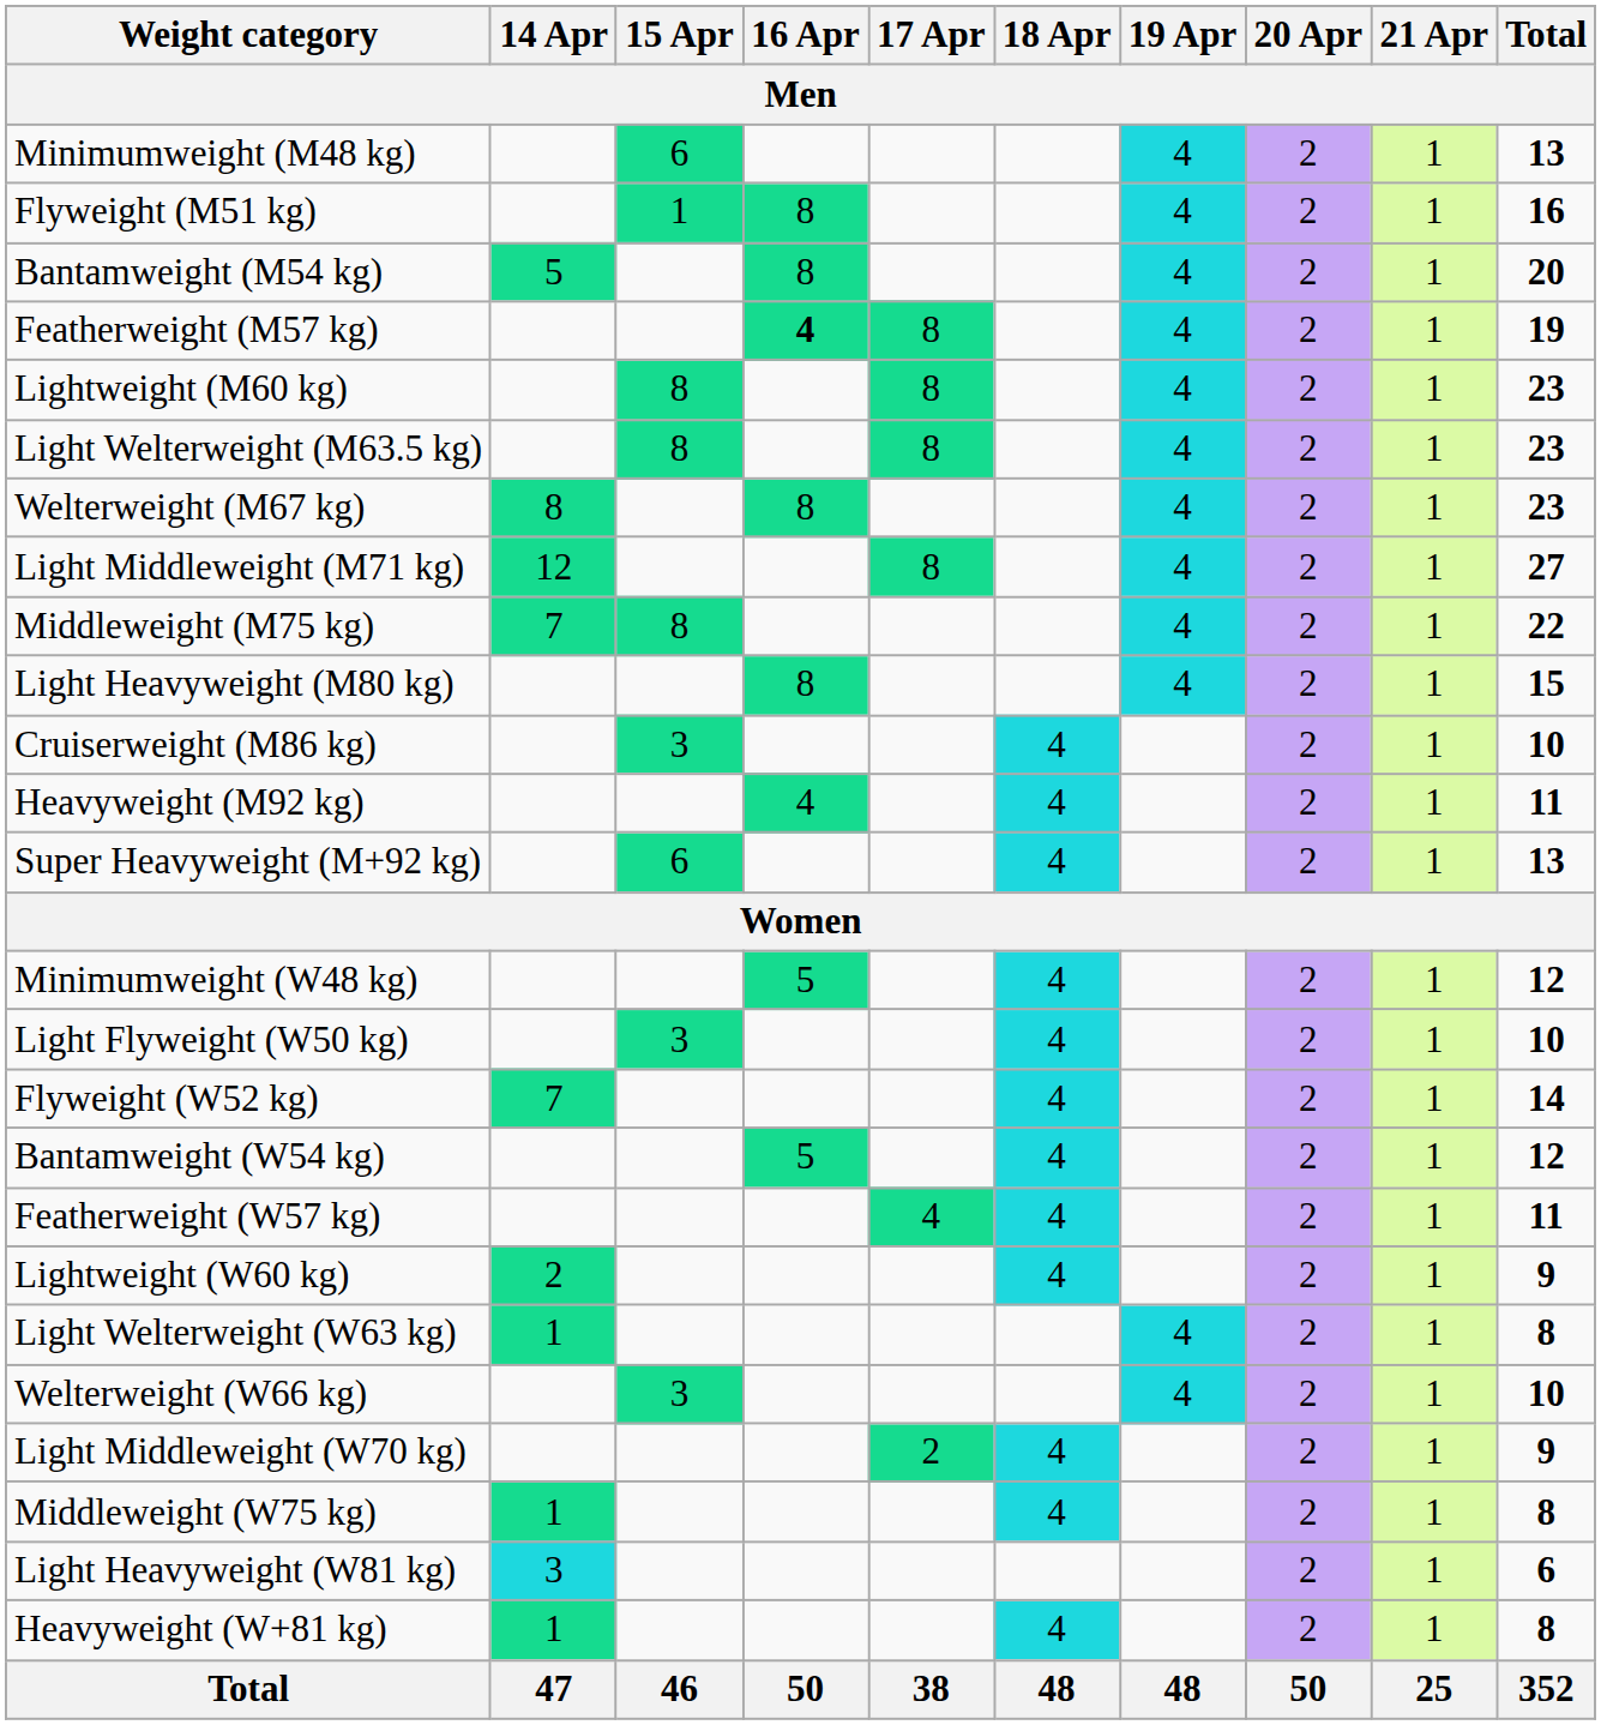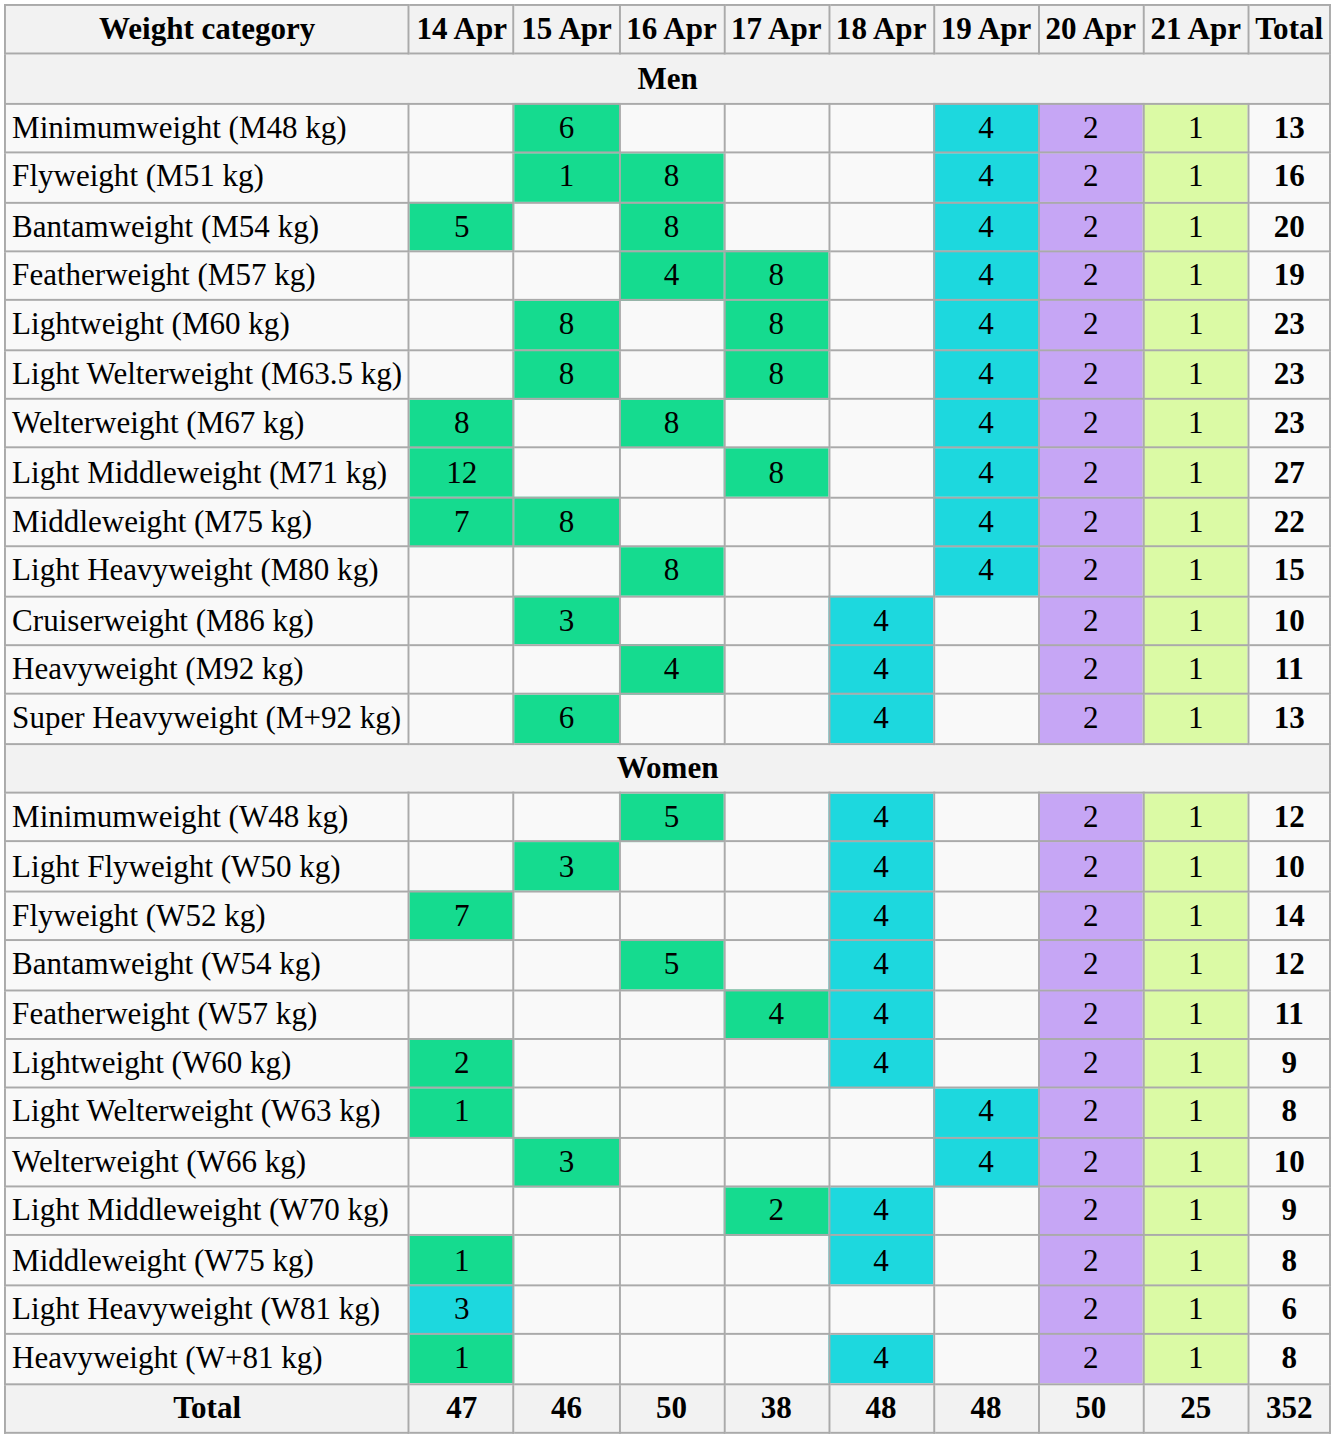 <table class=wikitable style="text-align:center">
 <tr>
 <th>Weight category</th>
 <th>14 Apr</th>
 <th>15 Apr</th>
 <th>16 Apr</th>
 <th>17 Apr</th>
 <th>18 Apr</th>
 <th>19 Apr</th>
 <th>20 Apr</th>
 <th>21 Apr</th>
 <th>Total</th>
 </tr>
 <tr>
 <th colspan=10>Men</th>
 </tr>
 <tr>
 <td align=left>Minimumweight (M48 kg)</td>
 <td></td>
 <td bgcolor=15DB8F>6</td>
 <td></td>
 <td></td>
 <td></td>
 <td bgcolor=1DD8DE>4</td>
 <td bgcolor=C6A6F5>2</td>
 <td bgcolor=DBFAA5>1</td>
 <td><strong>13</strong></td>
 </tr>
 <tr>
 <td align=left>Flyweight (M51 kg)</td>
 <td></td>
 <td bgcolor=15DB8F>1</td>
 <td bgcolor=15DB8F>8</td>
 <td></td>
 <td></td>
 <td bgcolor=1DD8DE>4</td>
 <td bgcolor=C6A6F5>2</td>
 <td bgcolor=DBFAA5>1</td>
 <td><strong>16</strong></td>
 </tr>
 <tr>
 <td align=left>Bantamweight (M54 kg)</td>
 <td bgcolor=15DB8F>5</td>
 <td></td>
 <td bgcolor=15DB8F>8</td>
 <td></td>
 <td></td>
 <td bgcolor=1DD8DE>4</td>
 <td bgcolor=C6A6F5>2</td>
 <td bgcolor=DBFAA5>1</td>
 <td><strong>20</strong></td>
 </tr>
 <tr>
 <td align=left>Featherweight (M57 kg)</td>
 <td></td>
 <td></td>
-<td bgcolor=15DB8F><strong>4</strong></td>
+<td bgcolor=15DB8F>4</td>
 <td bgcolor=15DB8F>8</td>
 <td></td>
 <td bgcolor=1DD8DE>4</td>
 <td bgcolor=C6A6F5>2</td>
 <td bgcolor=DBFAA5>1</td>
 <td><strong>19</strong></td>
 </tr>
 <tr>
 <td align=left>Lightweight (M60 kg)</td>
 <td></td>
 <td bgcolor=15DB8F>8</td>
 <td></td>
 <td bgcolor=15DB8F>8</td>
 <td></td>
 <td bgcolor=1DD8DE>4</td>
 <td bgcolor=C6A6F5>2</td>
 <td bgcolor=DBFAA5>1</td>
 <td><strong>23</strong></td>
 </tr>
 <tr>
 <td align=left>Light Welterweight (M63.5 kg)</td>
 <td></td>
 <td bgcolor=15DB8F>8</td>
 <td></td>
 <td bgcolor=15DB8F>8</td>
 <td></td>
 <td bgcolor=1DD8DE>4</td>
 <td bgcolor=C6A6F5>2</td>
 <td bgcolor=DBFAA5>1</td>
 <td><strong>23</strong></td>
 </tr>
 <tr>
 <td align=left>Welterweight (M67 kg)</td>
 <td bgcolor=15DB8F>8</td>
 <td></td>
 <td bgcolor=15DB8F>8</td>
 <td></td>
 <td></td>
 <td bgcolor=1DD8DE>4</td>
 <td bgcolor=C6A6F5>2</td>
 <td bgcolor=DBFAA5>1</td>
 <td><strong>23</strong></td>
 </tr>
 <tr>
 <td align=left>Light Middleweight (M71 kg)</td>
 <td bgcolor=15DB8F>12</td>
 <td></td>
 <td></td>
 <td bgcolor=15DB8F>8</td>
 <td></td>
 <td bgcolor=1DD8DE>4</td>
 <td bgcolor=C6A6F5>2</td>
 <td bgcolor=DBFAA5>1</td>
 <td><strong>27</strong></td>
 </tr>
 <tr>
 <td align=left>Middleweight (M75 kg)</td>
 <td bgcolor=15DB8F>7</td>
 <td bgcolor=15DB8F>8</td>
 <td></td>
 <td></td>
 <td></td>
 <td bgcolor=1DD8DE>4</td>
 <td bgcolor=C6A6F5>2</td>
 <td bgcolor=DBFAA5>1</td>
 <td><strong>22</strong></td>
 </tr>
 <tr>
 <td align=left>Light Heavyweight (M80 kg)</td>
 <td></td>
 <td></td>
 <td bgcolor=15DB8F>8</td>
 <td></td>
 <td></td>
 <td bgcolor=1DD8DE>4</td>
 <td bgcolor=C6A6F5>2</td>
 <td bgcolor=DBFAA5>1</td>
 <td><strong>15</strong></td>
 </tr>
 <tr>
 <td align=left>Cruiserweight (M86 kg)</td>
 <td></td>
 <td bgcolor=15DB8F>3</td>
 <td></td>
 <td></td>
 <td bgcolor=1DD8DE>4</td>
 <td></td>
 <td bgcolor=C6A6F5>2</td>
 <td bgcolor=DBFAA5>1</td>
 <td><strong>10</strong></td>
 </tr>
 <tr>
 <td align=left>Heavyweight (M92 kg)</td>
 <td></td>
 <td></td>
 <td bgcolor=15DB8F>4</td>
 <td></td>
 <td bgcolor=1DD8DE>4</td>
 <td></td>
 <td bgcolor=C6A6F5>2</td>
 <td bgcolor=DBFAA5>1</td>
 <td><strong>11</strong></td>
 </tr>
 <tr>
 <td align=left>Super Heavyweight (M+92 kg)</td>
 <td></td>
 <td bgcolor=15DB8F>6</td>
 <td></td>
 <td></td>
 <td bgcolor=1DD8DE>4</td>
 <td></td>
 <td bgcolor=C6A6F5>2</td>
 <td bgcolor=DBFAA5>1</td>
 <td><strong>13</strong></td>
 </tr>
 <tr>
 <th colspan=10>Women</th>
 </tr>
 <tr>
 <td align=left>Minimumweight (W48 kg)</td>
 <td></td>
 <td></td>
 <td bgcolor=15DB8F>5</td>
 <td></td>
 <td bgcolor=1DD8DE>4</td>
 <td></td>
 <td bgcolor=C6A6F5>2</td>
 <td bgcolor=DBFAA5>1</td>
 <td><strong>12</strong></td>
 </tr>
 <tr>
 <td align=left>Light Flyweight (W50 kg)</td>
 <td></td>
 <td bgcolor=15DB8F>3</td>
 <td></td>
 <td></td>
 <td bgcolor=1DD8DE>4</td>
 <td></td>
 <td bgcolor=C6A6F5>2</td>
 <td bgcolor=DBFAA5>1</td>
 <td><strong>10</strong></td>
 </tr>
 <tr>
 <td align=left>Flyweight (W52 kg)</td>
 <td bgcolor=15DB8F>7</td>
 <td></td>
 <td></td>
 <td></td>
 <td bgcolor=1DD8DE>4</td>
 <td></td>
 <td bgcolor=C6A6F5>2</td>
 <td bgcolor=DBFAA5>1</td>
 <td><strong>14</strong></td>
 </tr>
 <tr>
 <td align=left>Bantamweight (W54 kg)</td>
 <td></td>
 <td></td>
 <td bgcolor=15DB8F>5</td>
 <td></td>
 <td bgcolor=1DD8DE>4</td>
 <td></td>
 <td bgcolor=C6A6F5>2</td>
 <td bgcolor=DBFAA5>1</td>
 <td><strong>12</strong></td>
 </tr>
 <tr>
 <td align=left>Featherweight (W57 kg)</td>
 <td></td>
 <td></td>
 <td></td>
 <td bgcolor=15DB8F>4</td>
 <td bgcolor=1DD8DE>4</td>
 <td></td>
 <td bgcolor=C6A6F5>2</td>
 <td bgcolor=DBFAA5>1</td>
 <td><strong>11</strong></td>
 </tr>
 <tr>
 <td align=left>Lightweight (W60 kg)</td>
 <td bgcolor=15DB8F>2</td>
 <td></td>
 <td></td>
 <td></td>
 <td bgcolor=1DD8DE>4</td>
 <td></td>
 <td bgcolor=C6A6F5>2</td>
 <td bgcolor=DBFAA5>1</td>
 <td><strong>9</strong></td>
 </tr>
 <tr>
 <td align=left>Light Welterweight (W63 kg)</td>
 <td bgcolor=15DB8F>1</td>
 <td></td>
 <td></td>
 <td></td>
 <td></td>
 <td bgcolor=1DD8DE>4</td>
 <td bgcolor=C6A6F5>2</td>
 <td bgcolor=DBFAA5>1</td>
 <td><strong>8</strong></td>
 </tr>
 <tr>
 <td align=left>Welterweight (W66 kg)</td>
 <td></td>
 <td bgcolor=15DB8F>3</td>
 <td></td>
 <td></td>
 <td></td>
 <td bgcolor=1DD8DE>4</td>
 <td bgcolor=C6A6F5>2</td>
 <td bgcolor=DBFAA5>1</td>
 <td><strong>10</strong></td>
 </tr>
 <tr>
 <td align=left>Light Middleweight (W70 kg)</td>
 <td></td>
 <td></td>
 <td></td>
 <td bgcolor=15DB8F>2</td>
 <td bgcolor=1DD8DE>4</td>
 <td></td>
 <td bgcolor=C6A6F5>2</td>
 <td bgcolor=DBFAA5>1</td>
 <td><strong>9</strong></td>
 </tr>
 <tr>
 <td align=left>Middleweight (W75 kg)</td>
 <td bgcolor=15DB8F>1</td>
 <td></td>
 <td></td>
 <td></td>
 <td bgcolor=1DD8DE>4</td>
 <td></td>
 <td bgcolor=C6A6F5>2</td>
 <td bgcolor=DBFAA5>1</td>
 <td><strong>8</strong></td>
 </tr>
 <tr>
 <td align=left>Light Heavyweight (W81 kg)</td>
 <td bgcolor=1DD8DE>3</td>
 <td></td>
 <td></td>
 <td></td>
 <td></td>
 <td></td>
 <td bgcolor=C6A6F5>2</td>
 <td bgcolor=DBFAA5>1</td>
 <td><strong>6</strong></td>
 </tr>
 <tr>
 <td align=left>Heavyweight (W+81 kg)</td>
 <td bgcolor=15DB8F>1</td>
 <td></td>
 <td></td>
 <td></td>
 <td bgcolor=1DD8DE>4</td>
 <td></td>
 <td bgcolor=C6A6F5>2</td>
 <td bgcolor=DBFAA5>1</td>
 <td><strong>8</strong></td>
 </tr>
 <tr>
 <th>Total</th>
 <th>47</th>
 <th>46</th>
 <th>50</th>
 <th>38</th>
 <th>48</th>
 <th>48</th>
 <th>50</th>
 <th>25</th>
 <th>352</th>
 </tr>
 </table>
